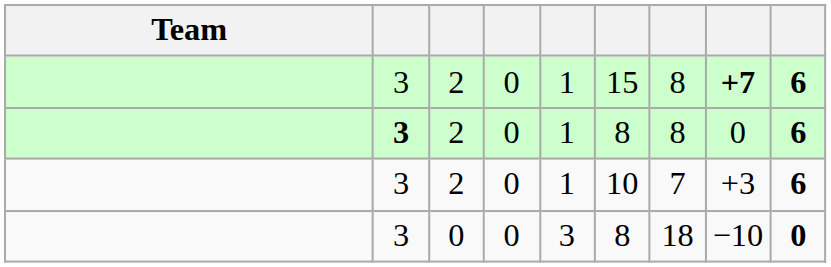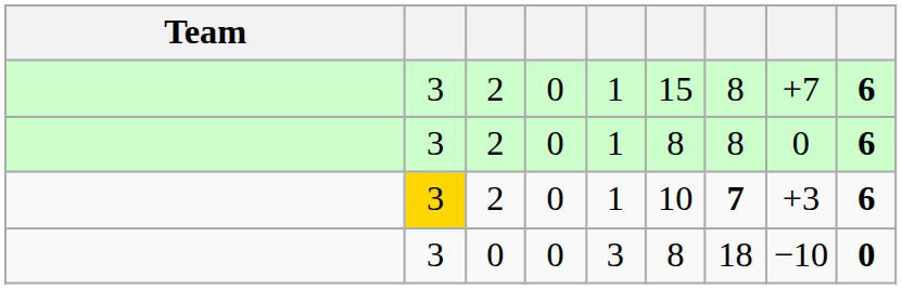 <table class="wikitable" style="text-align: center;">
 <tr>
 <th width=175>Team</th>
 <th width=20></th>
 <th width=20></th>
 <th width=20></th>
 <th width=20></th>
 <th width=20></th>
 <th width=20></th>
 <th width=20></th>
 <th width=20></th>
 </tr>
 <tr bgcolor="#ccffcc">
 <td style="text-align:left;"><em></em></td>
 <td>3</td>
 <td>2</td>
 <td>0</td>
 <td>1</td>
 <td>15</td>
 <td>8</td>
-<td><strong>+7</strong></td>
+<td>+7</td>
 <td><strong>6</strong></td>
 </tr>
 <tr bgcolor="#ccffcc">
 <td style="text-align:left;"></td>
-<td><strong>3</strong></td>
+<td>3</td>
 <td>2</td>
 <td>0</td>
 <td>1</td>
 <td>8</td>
 <td>8</td>
 <td>0</td>
 <td><strong>6</strong></td>
 </tr>
 <tr>
 <td style="text-align:left;"></td>
-<td>3</td>
+<td style="background: gold;">3</td>
 <td>2</td>
 <td>0</td>
 <td>1</td>
 <td>10</td>
-<td>7</td>
+<td><strong>7</strong></td>
 <td>+3</td>
 <td><strong>6</strong></td>
 </tr>
 <tr>
 <td style="text-align:left;"></td>
 <td>3</td>
 <td>0</td>
 <td>0</td>
 <td>3</td>
 <td>8</td>
 <td>18</td>
 <td>−10</td>
 <td><strong>0</strong></td>
 </tr>
 </table>
